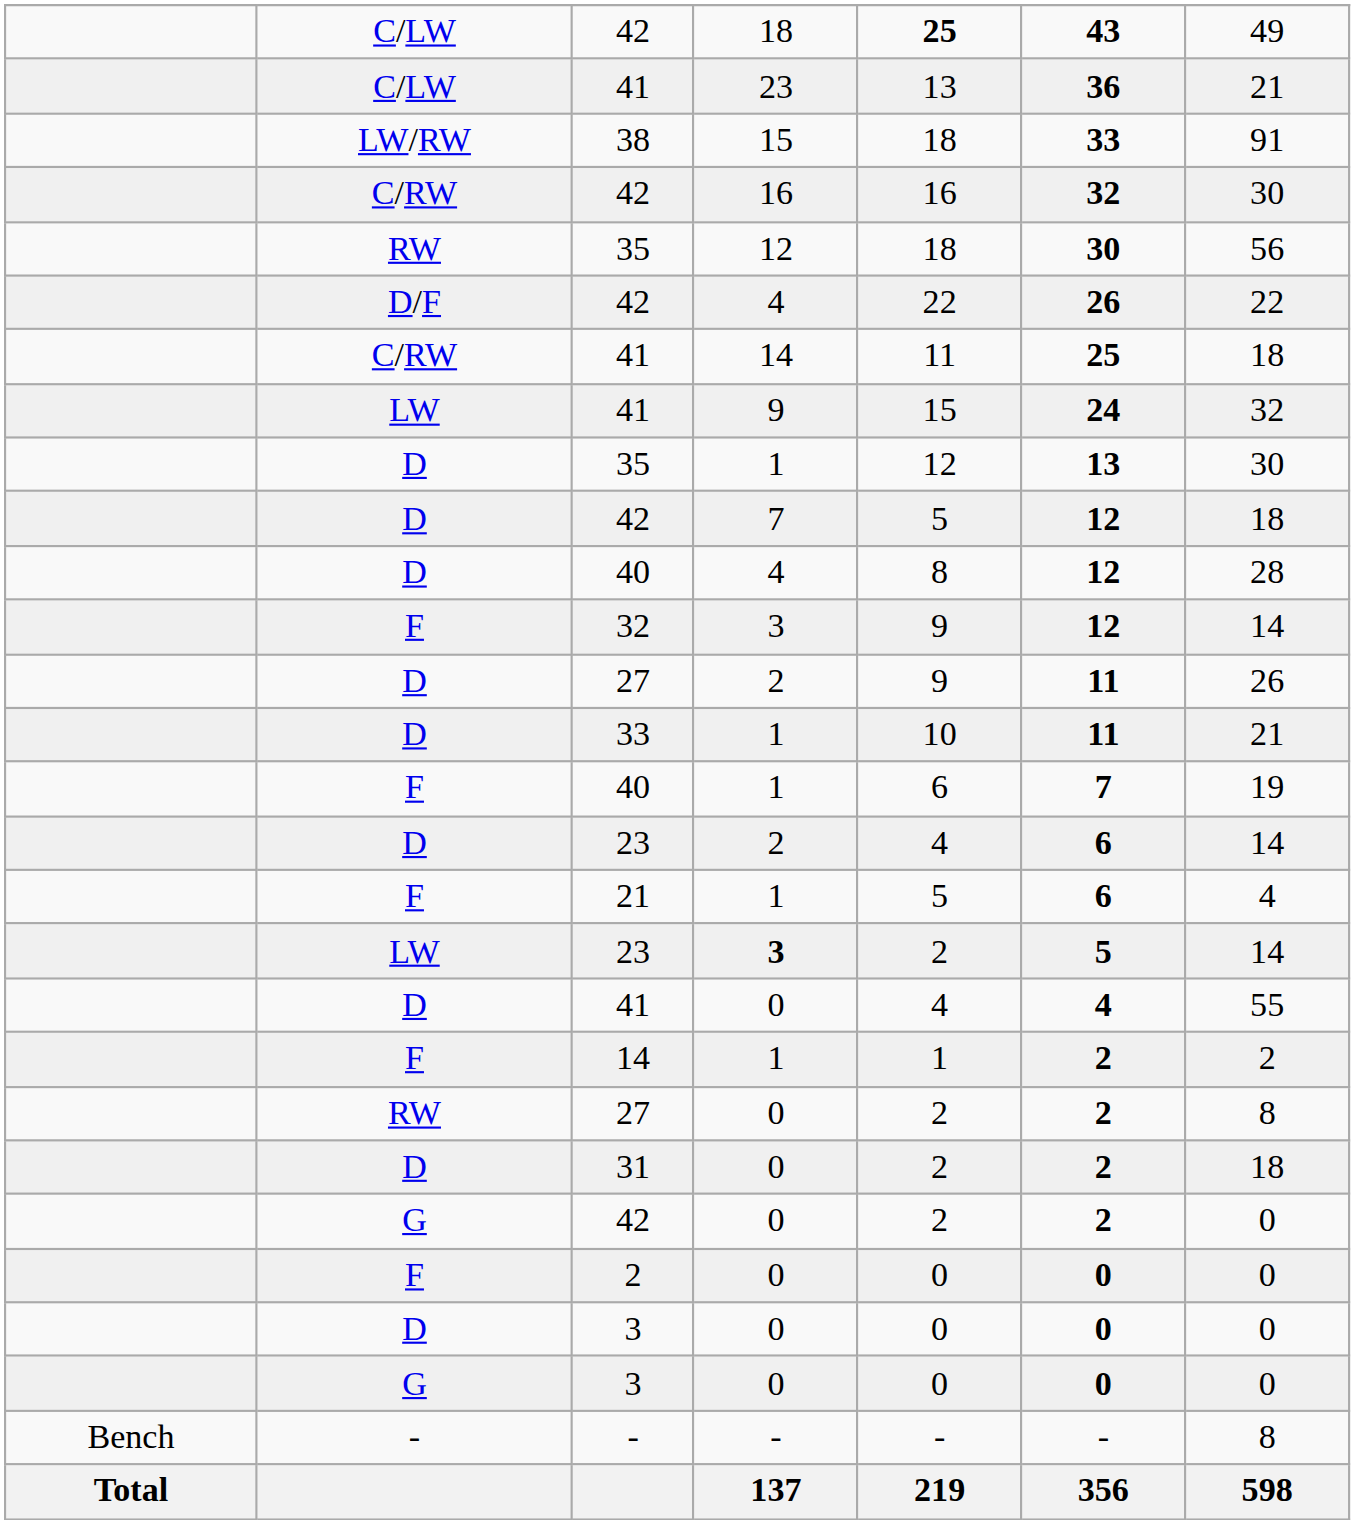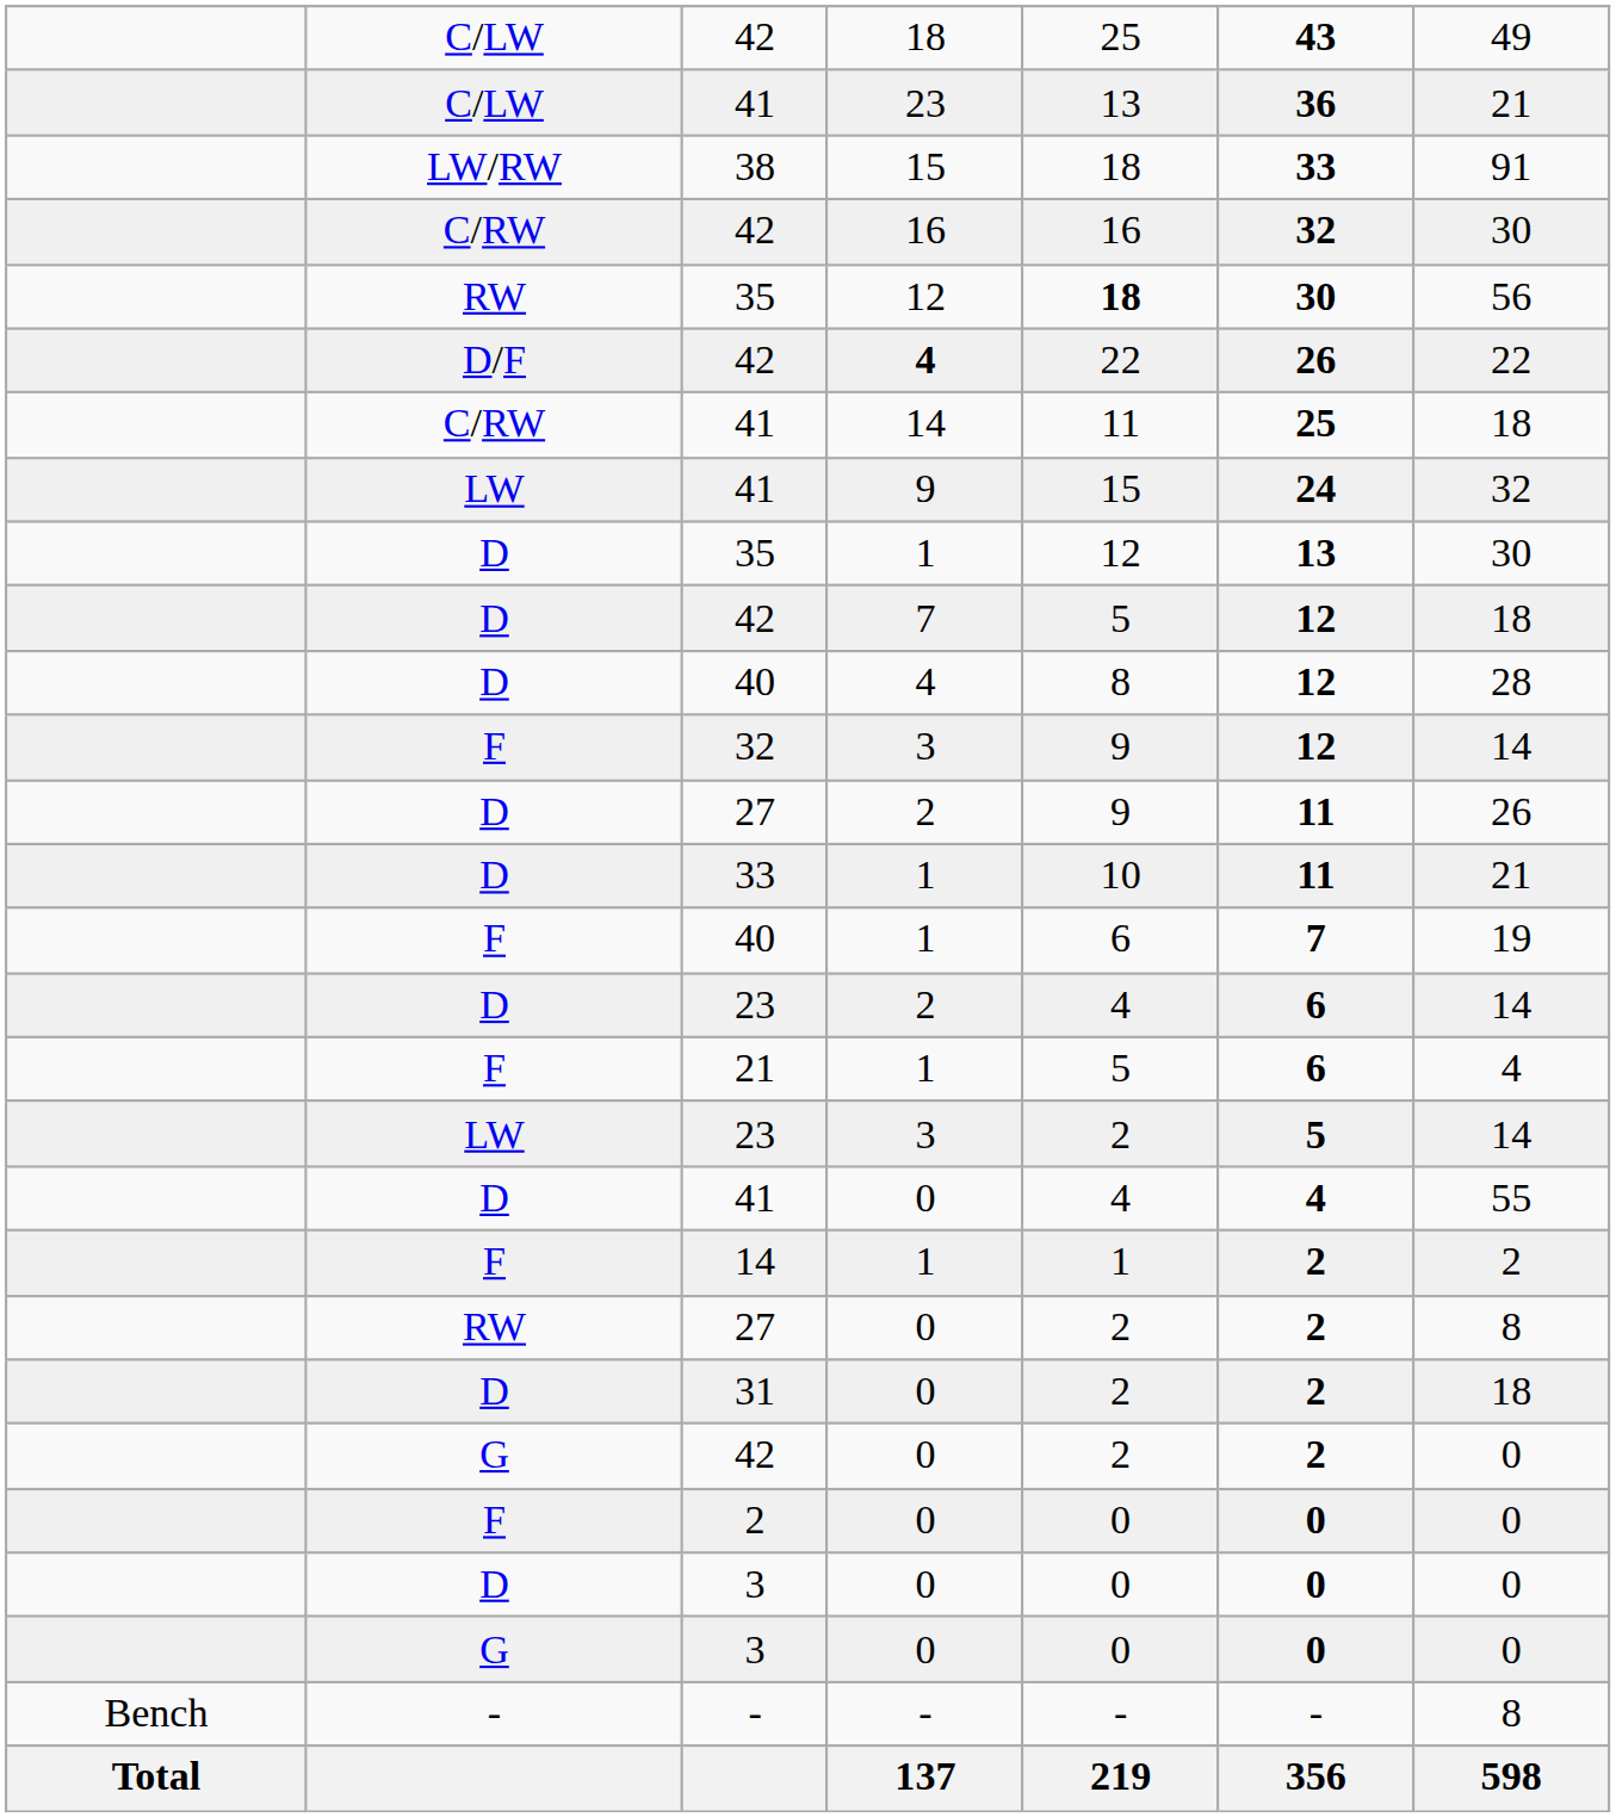 <table class="wikitable sortable" width ="50%">
 <tr align="center">
 </tr>
 <tr align="center" bgcolor="">
 <td></td>
 <td><a href='#'>C</a>/<a href='#'>LW</a></td>
 <td>42</td>
 <td>18</td>
-<td><strong>25</strong></td>
+<td>25</td>
 <td><strong>43</strong></td>
 <td>49</td>
 </tr>
 <tr align="center" bgcolor="f0f0f0">
 <td></td>
 <td><a href='#'>C</a>/<a href='#'>LW</a></td>
 <td>41</td>
 <td>23</td>
 <td>13</td>
 <td><strong>36</strong></td>
 <td>21</td>
 </tr>
 <tr align="center" bgcolor="">
 <td></td>
 <td><a href='#'>LW</a>/<a href='#'>RW</a></td>
 <td>38</td>
 <td>15</td>
 <td>18</td>
 <td><strong>33</strong></td>
 <td>91</td>
 </tr>
 <tr align="center" bgcolor="f0f0f0">
 <td></td>
 <td><a href='#'>C</a>/<a href='#'>RW</a></td>
 <td>42</td>
 <td>16</td>
 <td>16</td>
 <td><strong>32</strong></td>
 <td>30</td>
 </tr>
 <tr align="center" bgcolor="">
 <td></td>
 <td><a href='#'>RW</a></td>
 <td>35</td>
 <td>12</td>
-<td>18</td>
+<td><strong>18</strong></td>
 <td><strong>30</strong></td>
 <td>56</td>
 </tr>
 <tr align="center" bgcolor="f0f0f0">
 <td></td>
 <td><a href='#'>D</a>/<a href='#'>F</a></td>
 <td>42</td>
-<td>4</td>
+<td><strong>4</strong></td>
 <td>22</td>
 <td><strong>26</strong></td>
 <td>22</td>
 </tr>
 <tr align="center" bgcolor="">
 <td></td>
 <td><a href='#'>C</a>/<a href='#'>RW</a></td>
 <td>41</td>
 <td>14</td>
 <td>11</td>
 <td><strong>25</strong></td>
 <td>18</td>
 </tr>
 <tr align="center" bgcolor="f0f0f0">
 <td></td>
 <td><a href='#'>LW</a></td>
 <td>41</td>
 <td>9</td>
 <td>15</td>
 <td><strong>24</strong></td>
 <td>32</td>
 </tr>
 <tr align="center" bgcolor="">
 <td></td>
 <td><a href='#'>D</a></td>
 <td>35</td>
 <td>1</td>
 <td>12</td>
 <td><strong>13</strong></td>
 <td>30</td>
 </tr>
 <tr align="center" bgcolor="f0f0f0">
 <td></td>
 <td><a href='#'>D</a></td>
 <td>42</td>
 <td>7</td>
 <td>5</td>
 <td><strong>12</strong></td>
 <td>18</td>
 </tr>
 <tr align="center" bgcolor="">
 <td></td>
 <td><a href='#'>D</a></td>
 <td>40</td>
 <td>4</td>
 <td>8</td>
 <td><strong>12</strong></td>
 <td>28</td>
 </tr>
 <tr align="center" bgcolor="f0f0f0">
 <td></td>
 <td><a href='#'>F</a></td>
 <td>32</td>
 <td>3</td>
 <td>9</td>
 <td><strong>12</strong></td>
 <td>14</td>
 </tr>
 <tr align="center" bgcolor="">
 <td></td>
 <td><a href='#'>D</a></td>
 <td>27</td>
 <td>2</td>
 <td>9</td>
 <td><strong>11</strong></td>
 <td>26</td>
 </tr>
 <tr align="center" bgcolor="f0f0f0">
 <td></td>
 <td><a href='#'>D</a></td>
 <td>33</td>
 <td>1</td>
 <td>10</td>
 <td><strong>11</strong></td>
 <td>21</td>
 </tr>
 <tr align="center" bgcolor="">
 <td></td>
 <td><a href='#'>F</a></td>
 <td>40</td>
 <td>1</td>
 <td>6</td>
 <td><strong>7</strong></td>
 <td>19</td>
 </tr>
 <tr align="center" bgcolor="f0f0f0">
 <td></td>
 <td><a href='#'>D</a></td>
 <td>23</td>
 <td>2</td>
 <td>4</td>
 <td><strong>6</strong></td>
 <td>14</td>
 </tr>
 <tr align="center" bgcolor="">
 <td></td>
 <td><a href='#'>F</a></td>
 <td>21</td>
 <td>1</td>
 <td>5</td>
 <td><strong>6</strong></td>
 <td>4</td>
 </tr>
 <tr align="center" bgcolor="f0f0f0">
 <td></td>
 <td><a href='#'>LW</a></td>
 <td>23</td>
-<td><strong>3</strong></td>
+<td>3</td>
 <td>2</td>
 <td><strong>5</strong></td>
 <td>14</td>
 </tr>
 <tr align="center" bgcolor="">
 <td></td>
 <td><a href='#'>D</a></td>
 <td>41</td>
 <td>0</td>
 <td>4</td>
 <td><strong>4</strong></td>
 <td>55</td>
 </tr>
 <tr align="center" bgcolor="f0f0f0">
 <td></td>
 <td><a href='#'>F</a></td>
 <td>14</td>
 <td>1</td>
 <td>1</td>
 <td><strong>2</strong></td>
 <td>2</td>
 </tr>
 <tr align="center" bgcolor="">
 <td></td>
 <td><a href='#'>RW</a></td>
 <td>27</td>
 <td>0</td>
 <td>2</td>
 <td><strong>2</strong></td>
 <td>8</td>
 </tr>
 <tr align="center" bgcolor="f0f0f0">
 <td></td>
 <td><a href='#'>D</a></td>
 <td>31</td>
 <td>0</td>
 <td>2</td>
 <td><strong>2</strong></td>
 <td>18</td>
 </tr>
 <tr align="center" bgcolor="">
 <td></td>
 <td><a href='#'>G</a></td>
 <td>42</td>
 <td>0</td>
 <td>2</td>
 <td><strong>2</strong></td>
 <td>0</td>
 </tr>
 <tr align="center" bgcolor="f0f0f0">
 <td></td>
 <td><a href='#'>F</a></td>
 <td>2</td>
 <td>0</td>
 <td>0</td>
 <td><strong>0</strong></td>
 <td>0</td>
 </tr>
 <tr align="center" bgcolor="">
 <td></td>
 <td><a href='#'>D</a></td>
 <td>3</td>
 <td>0</td>
 <td>0</td>
 <td><strong>0</strong></td>
 <td>0</td>
 </tr>
 <tr align="center" bgcolor="f0f0f0">
 <td></td>
 <td><a href='#'>G</a></td>
 <td>3</td>
 <td>0</td>
 <td>0</td>
 <td><strong>0</strong></td>
 <td>0</td>
 </tr>
 <tr align="center" bgcolor="">
 <td>Bench</td>
 <td>-</td>
 <td>-</td>
 <td>-</td>
 <td>-</td>
 <td>-</td>
 <td>8</td>
 </tr>
 <tr>
 <th>Total</th>
 <th></th>
 <th></th>
 <th>137</th>
 <th>219</th>
 <th>356</th>
 <th>598</th>
 </tr>
 </table>
